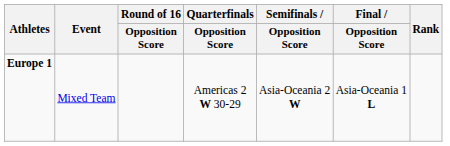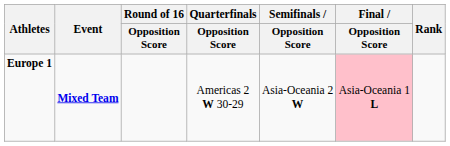 <table class=wikitable style="font-size:90%">
 <tr>
 <th rowspan="2">Athletes</th>
 <th rowspan="2">Event</th>
 <th>Round of 16</th>
 <th>Quarterfinals</th>
 <th>Semifinals / </th>
 <th>Final / </th>
 <th rowspan=2>Rank</th>
 </tr>
 <tr style="font-size:95%">
 <th>Opposition<br>Score</th>
 <th>Opposition<br>Score</th>
 <th>Opposition<br>Score</th>
 <th>Opposition<br>Score</th>
 </tr>
 <tr align=center>
 <td align=left><strong>Europe 1</strong><br><br><br><br><br><br></td>
-<td align=left><a href='#'>Mixed Team</a></td>
+<td align=left><strong><a href='#'>Mixed Team</a></strong></td>
 <td></td>
 <td>Americas 2<br><strong>W</strong> 30-29</td>
 <td>Asia-Oceania 2<br><strong>W</strong></td>
-<td>Asia-Oceania 1<br><strong>L</strong></td>
+<td style="background: pink;">Asia-Oceania 1<br><strong>L</strong></td>
 <td></td>
 </tr>
 </table>
